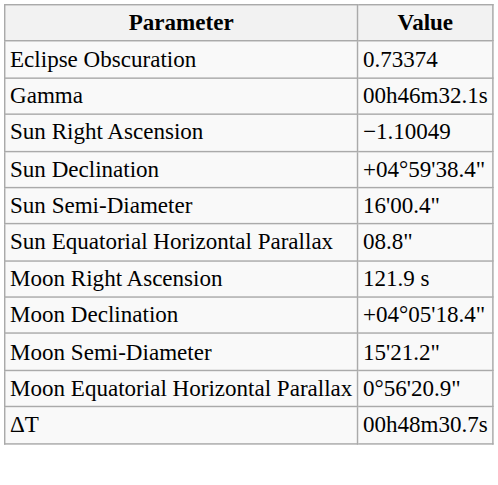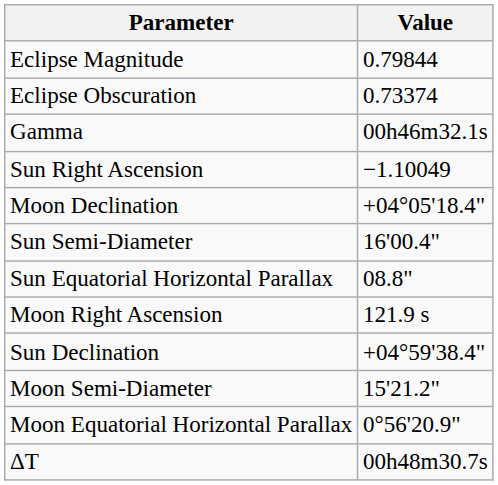 <table class="wikitable">
 <tr>
 <th>Parameter</th>
 <th>Value</th>
+</tr>
+<tr>
+<td>Eclipse Magnitude</td>
+<td>0.79844</td>
 </tr>
 <tr>
 <td>Eclipse Obscuration</td>
 <td>0.73374</td>
 </tr>
 <tr>
 <td>Gamma</td>
 <td>00h46m32.1s</td>
 </tr>
 <tr>
 <td>Sun Right Ascension</td>
 <td>−1.10049</td>
 </tr>
 <tr>
-<td>Sun Declination</td>
-<td>+04°59'38.4"</td>
+<td>Moon Declination</td>
+<td>+04°05'18.4"</td>
 </tr>
 <tr>
 <td>Sun Semi-Diameter</td>
 <td>16'00.4"</td>
 </tr>
 <tr>
 <td>Sun Equatorial Horizontal Parallax</td>
 <td>08.8"</td>
 </tr>
 <tr>
 <td>Moon Right Ascension</td>
 <td>121.9 s</td>
 </tr>
 <tr>
-<td>Moon Declination</td>
-<td>+04°05'18.4"</td>
+<td>Sun Declination</td>
+<td>+04°59'38.4"</td>
 </tr>
 <tr>
 <td>Moon Semi-Diameter</td>
 <td>15'21.2"</td>
 </tr>
 <tr>
 <td>Moon Equatorial Horizontal Parallax</td>
 <td>0°56'20.9"</td>
 </tr>
 <tr>
 <td>ΔT</td>
 <td>00h48m30.7s</td>
 </tr>
 </table>
